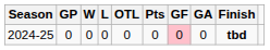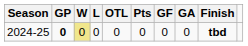 <table class="wikitable" style="text-align:center">
 <tr>
 <th>Season</th>
 <th>GP</th>
 <th>W</th>
 <th>L</th>
 <th>OTL</th>
 <th>Pts</th>
 <th>GF</th>
 <th>GA</th>
 <th>Finish</th>
 </tr>
 <tr>
 <td>2024-25</td>
+<td><strong>0</strong></td>
+<td style="background: khaki;">0</td>
 <td>0</td>
 <td>0</td>
 <td>0</td>
 <td>0</td>
 <td>0</td>
-<td style="background: pink;">0</td>
-<td>0</td>
 <td><strong>tbd</strong></td>
 <td></td>
 </tr>
 </table>
